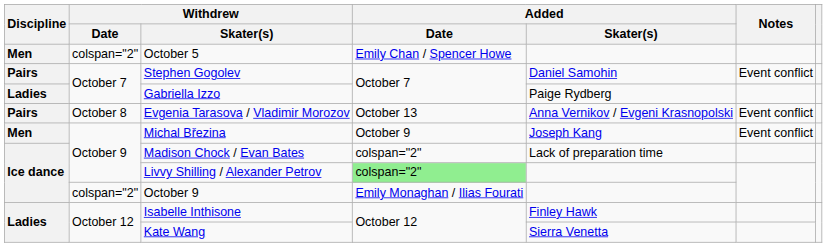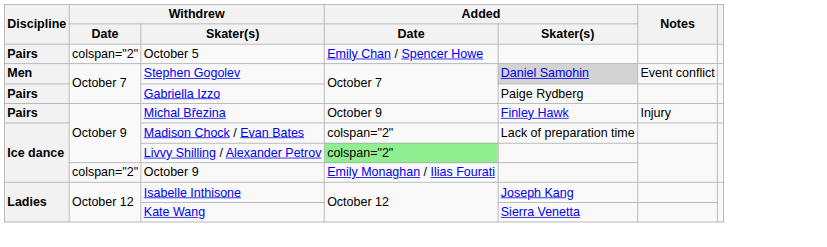 <table class="wikitable unsortable">
 <tr>
 <th scope="col" rowspan=2>Discipline</th>
 <th scope="col" colspan=2>Withdrew</th>
 <th scope="col" colspan=2>Added</th>
 <th scope="col" rowspan=2>Notes</th>
 <th scope="col" rowspan=2></th>
 </tr>
 <tr>
 <th>Date</th>
 <th>Skater(s)</th>
 <th>Date</th>
 <th>Skater(s)</th>
 </tr>
 <tr>
-<th scope="row" style="text-align:left">Men</th>
+<th scope="row" style="text-align:left">Pairs</th>
 <td>colspan="2" </td>
 <td>October 5</td>
 <td> <a href='#'>Emily Chan</a> / <a href='#'>Spencer Howe</a></td>
 <td></td>
 <td></td>
 </tr>
 <tr>
-<th scope="row" style="text-align:left">Pairs</th>
+<th scope="row" style="text-align:left">Men</th>
 <td rowspan=2>October 7</td>
 <td> <a href='#'>Stephen Gogolev</a></td>
 <td rowspan=2>October 7</td>
-<td> <a href='#'>Daniel Samohin</a></td>
+<td style="background: lightgrey;"> <a href='#'>Daniel Samohin</a></td>
 <td>Event conflict</td>
 <td></td>
 </tr>
 <tr>
-<th scope="row" style="text-align:left">Ladies</th>
+<th scope="row" style="text-align:left">Pairs</th>
 <td> <a href='#'>Gabriella Izzo</a></td>
 <td> Paige Rydberg</td>
 <td></td>
 <td></td>
 </tr>
 <tr>
 <th scope="row" style="text-align:left">Pairs</th>
-<td>October 8</td>
-<td> <a href='#'>Evgenia Tarasova</a> / <a href='#'>Vladimir Morozov</a></td>
-<td>October 13</td>
-<td> <a href='#'>Anna Vernikov</a> / <a href='#'>Evgeni Krasnopolski</a></td>
-<td>Event conflict</td>
-<td></td>
-</tr>
-<tr>
-<th scope="row" style="text-align:left">Men</th>
 <td rowspan="3">October 9</td>
 <td> <a href='#'>Michal Březina</a></td>
 <td>October 9</td>
-<td> <a href='#'>Joseph Kang</a></td>
-<td>Event conflict</td>
+<td> <a href='#'>Finley Hawk</a></td>
+<td>Injury</td>
 <td></td>
 </tr>
 <tr>
 <th scope="row" style="text-align:left" rowspan="3">Ice dance</th>
 <td> <a href='#'>Madison Chock</a> / <a href='#'>Evan Bates</a></td>
 <td>colspan="2" </td>
 <td>Lack of preparation time</td>
 <td></td>
 </tr>
 <tr>
 <td> <a href='#'>Livvy Shilling</a> / <a href='#'>Alexander Petrov</a></td>
 <td style="background: lightgreen;">colspan="2" </td>
 <td></td>
 <td rowspan="2"></td>
 </tr>
 <tr>
 <td>colspan="2" </td>
 <td>October 9</td>
 <td> <a href='#'>Emily Monaghan</a> / <a href='#'>Ilias Fourati</a></td>
 <td></td>
 </tr>
 <tr>
 <th scope="row" style="text-align:left" rowspan="2">Ladies</th>
 <td rowspan="2">October 12</td>
 <td> <a href='#'>Isabelle Inthisone</a></td>
 <td rowspan="2">October 12</td>
-<td> <a href='#'>Finley Hawk</a></td>
+<td> <a href='#'>Joseph Kang</a></td>
 <td></td>
 <td rowspan="2"></td>
 </tr>
 <tr>
 <td> <a href='#'>Kate Wang</a></td>
 <td> <a href='#'>Sierra Venetta</a></td>
 <td></td>
 </tr>
 </table>
